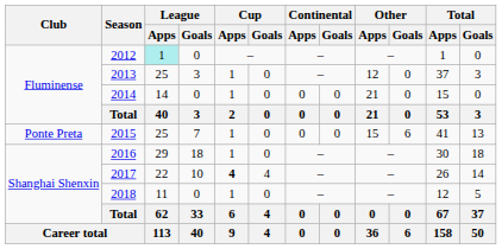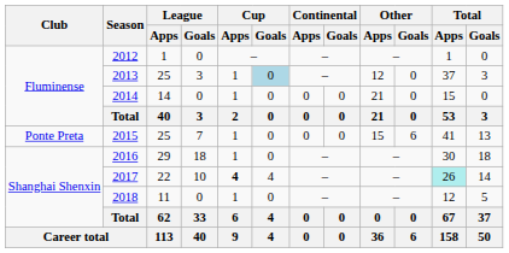 <table class="wikitable" style="text-align:center">
 <tr>
 <th rowspan="2">Club</th>
 <th rowspan="2">Season</th>
 <th colspan="2">League</th>
 <th colspan="2">Cup</th>
 <th colspan="2">Continental</th>
 <th colspan="2">Other</th>
 <th colspan="2">Total</th>
 </tr>
 <tr>
 <th>Apps</th>
 <th>Goals</th>
 <th>Apps</th>
 <th>Goals</th>
 <th>Apps</th>
 <th>Goals</th>
 <th>Apps</th>
 <th>Goals</th>
 <th>Apps</th>
 <th>Goals</th>
 </tr>
 <tr>
 <td rowspan=4><a href='#'>Fluminense</a></td>
 <td><a href='#'>2012</a></td>
-<td style="background: paleturquoise;">1</td>
+<td>1</td>
 <td>0</td>
 <td colspan="2">–</td>
 <td colspan="2">–</td>
 <td colspan="2">–</td>
 <td>1</td>
 <td>0</td>
 </tr>
 <tr>
 <td><a href='#'>2013</a></td>
 <td>25</td>
 <td>3</td>
 <td>1</td>
-<td>0</td>
+<td style="background: lightblue;">0</td>
 <td colspan="2">–</td>
 <td>12</td>
 <td>0</td>
 <td>37</td>
 <td>3</td>
 </tr>
 <tr>
 <td><a href='#'>2014</a></td>
 <td>14</td>
 <td>0</td>
 <td>1</td>
 <td>0</td>
 <td>0</td>
 <td>0</td>
 <td>21</td>
 <td>0</td>
 <td>15</td>
 <td>0</td>
 </tr>
 <tr>
 <th>Total</th>
 <th>40</th>
 <th>3</th>
 <th>2</th>
 <th>0</th>
 <th>0</th>
 <th>0</th>
 <th>21</th>
 <th>0</th>
 <th>53</th>
 <th>3</th>
 </tr>
 <tr>
 <td><a href='#'>Ponte Preta</a></td>
 <td><a href='#'>2015</a></td>
 <td>25</td>
 <td>7</td>
 <td>1</td>
 <td>0</td>
 <td>0</td>
 <td>0</td>
 <td>15</td>
 <td>6</td>
 <td>41</td>
 <td>13</td>
 </tr>
 <tr>
 <td rowspan="4"><a href='#'>Shanghai Shenxin</a></td>
 <td><a href='#'>2016</a></td>
 <td>29</td>
 <td>18</td>
 <td>1</td>
 <td>0</td>
 <td colspan="2">–</td>
 <td colspan="2">–</td>
 <td>30</td>
 <td>18</td>
 </tr>
 <tr>
 <td><a href='#'>2017</a></td>
 <td>22</td>
 <td>10</td>
 <td><strong>4</strong></td>
 <td>4</td>
 <td colspan="2">–</td>
 <td colspan="2">–</td>
-<td>26</td>
+<td style="background: paleturquoise;">26</td>
 <td>14</td>
 </tr>
 <tr>
 <td><a href='#'>2018</a></td>
 <td>11</td>
 <td>0</td>
 <td>1</td>
 <td>0</td>
 <td colspan="2">–</td>
 <td colspan="2">–</td>
 <td>12</td>
 <td>5</td>
 </tr>
 <tr>
 <th>Total</th>
 <th>62</th>
 <th>33</th>
 <th>6</th>
 <th>4</th>
 <th>0</th>
 <th>0</th>
 <th>0</th>
 <th>0</th>
 <th>67</th>
 <th>37</th>
 </tr>
 <tr>
 <th colspan="2">Career total</th>
 <th>113</th>
 <th>40</th>
 <th>9</th>
 <th>4</th>
 <th>0</th>
 <th>0</th>
 <th>36</th>
 <th>6</th>
 <th>158</th>
 <th>50</th>
 </tr>
 </table>
